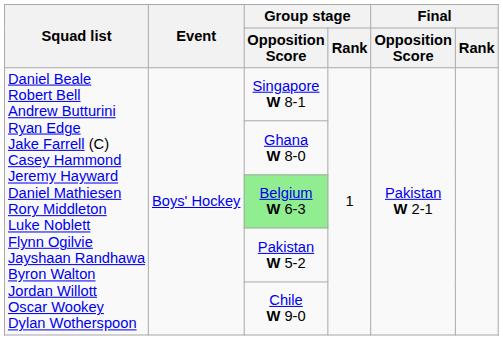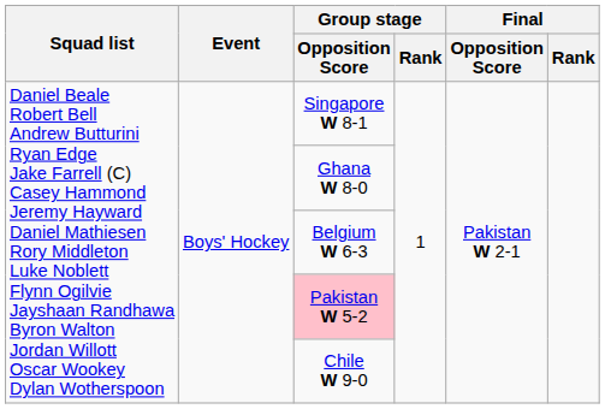 <table class=wikitable style="font-size:90%">
 <tr>
 <th rowspan=2>Squad list</th>
 <th rowspan=2>Event</th>
 <th colspan=2>Group stage</th>
 <th colspan=2>Final</th>
 </tr>
 <tr>
 <th>Opposition<br>Score</th>
 <th>Rank</th>
 <th>Opposition<br>Score</th>
 <th>Rank</th>
 </tr>
 <tr>
 <td rowspan=5><a href='#'>Daniel Beale</a><br><a href='#'>Robert Bell</a><br><a href='#'>Andrew Butturini</a><br><a href='#'>Ryan Edge</a><br><a href='#'>Jake Farrell</a> (C)<br><a href='#'>Casey Hammond</a><br><a href='#'>Jeremy Hayward</a><br><a href='#'>Daniel Mathiesen</a><br><a href='#'>Rory Middleton</a><br><a href='#'>Luke Noblett</a><br><a href='#'>Flynn Ogilvie</a><br><a href='#'>Jayshaan Randhawa</a><br><a href='#'>Byron Walton</a><br><a href='#'>Jordan Willott</a><br><a href='#'>Oscar Wookey</a><br><a href='#'>Dylan Wotherspoon</a></td>
 <td rowspan=5><a href='#'>Boys' Hockey</a></td>
 <td align=center> <a href='#'>Singapore</a><br> <strong>W</strong> 8-1</td>
 <td rowspan="5" style="text-align:center;">1</td>
 <td rowspan="5" style="text-align:center;"> <a href='#'>Pakistan</a><br> <strong>W</strong> 2-1</td>
 <td rowspan="5" style="text-align:center;"></td>
 </tr>
 <tr>
 <td align=center> <a href='#'>Ghana</a><br> <strong>W</strong> 8-0</td>
 </tr>
 <tr>
-<td align=center style="background: lightgreen;"> <a href='#'>Belgium</a><br> <strong>W</strong> 6-3</td>
+<td align=center> <a href='#'>Belgium</a><br> <strong>W</strong> 6-3</td>
 </tr>
 <tr>
-<td align=center> <a href='#'>Pakistan</a><br> <strong>W</strong> 5-2</td>
+<td align=center style="background: pink;"> <a href='#'>Pakistan</a><br> <strong>W</strong> 5-2</td>
 </tr>
 <tr>
 <td align=center> <a href='#'>Chile</a><br> <strong>W</strong> 9-0</td>
 </tr>
 </table>
